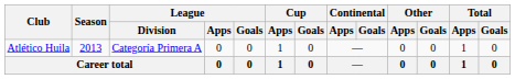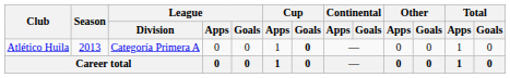 <table class="wikitable" style="text-align:center">
 <tr>
 <th rowspan="2">Club</th>
 <th rowspan="2">Season</th>
 <th colspan="3">League</th>
 <th colspan="2">Cup</th>
 <th colspan="2">Continental</th>
 <th colspan="2">Other</th>
 <th colspan="2">Total</th>
 </tr>
 <tr>
 <th>Division</th>
 <th>Apps</th>
 <th>Goals</th>
 <th>Apps</th>
 <th>Goals</th>
 <th>Apps</th>
 <th>Goals</th>
 <th>Apps</th>
 <th>Goals</th>
 <th>Apps</th>
 <th>Goals</th>
 </tr>
 <tr>
 <td rowspan="1"><a href='#'>Atlético Huila</a></td>
 <td><a href='#'>2013</a></td>
 <td rowspan="1"><a href='#'>Categoría Primera A</a></td>
 <td>0</td>
 <td>0</td>
 <td>1</td>
-<td>0</td>
+<td><strong>0</strong></td>
 <td colspan="2">—</td>
 <td>0</td>
 <td>0</td>
 <td>1</td>
 <td>0</td>
 </tr>
 <tr>
 <th colspan="3">Career total</th>
 <th>0</th>
 <th>0</th>
 <th>1</th>
 <th>0</th>
 <th colspan="2">—</th>
 <th>0</th>
 <th>0</th>
 <th>1</th>
 <th>0</th>
 </tr>
 </table>
